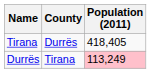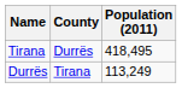 <table class="wikitable sortable sticky-header col3right">
 <tr>
 <th>Name</th>
 <th>County</th>
 <th>Population <br> (2011)</th>
 </tr>
 <tr>
 <td><a href='#'>Tirana</a></td>
 <td><a href='#'>Durrës</a></td>
-<td>418,405</td>
+<td>418,495</td>
 </tr>
 <tr>
 <td><a href='#'>Durrës</a></td>
 <td><a href='#'>Tirana</a></td>
-<td style="background: pink;">113,249</td>
+<td>113,249</td>
 </tr>
 </table>
